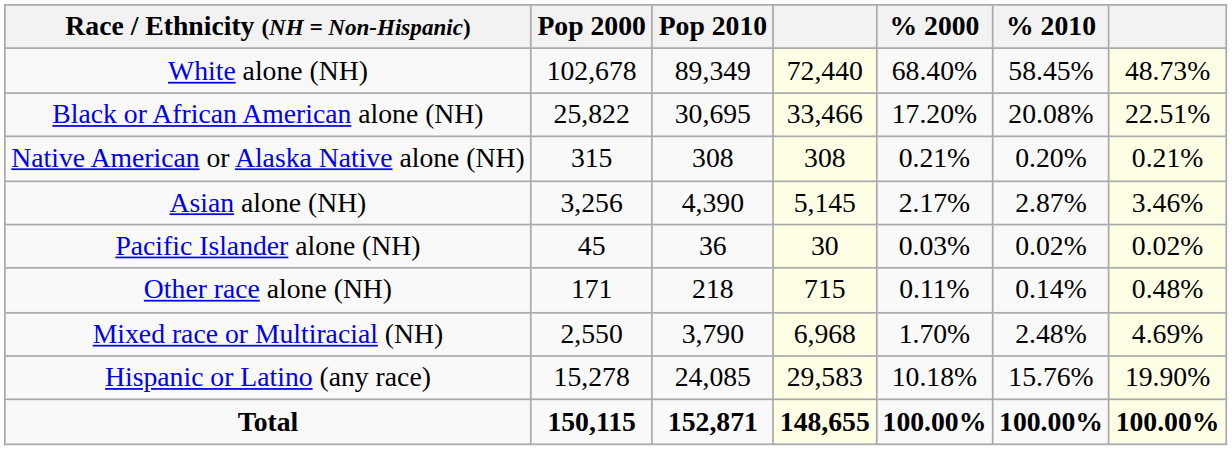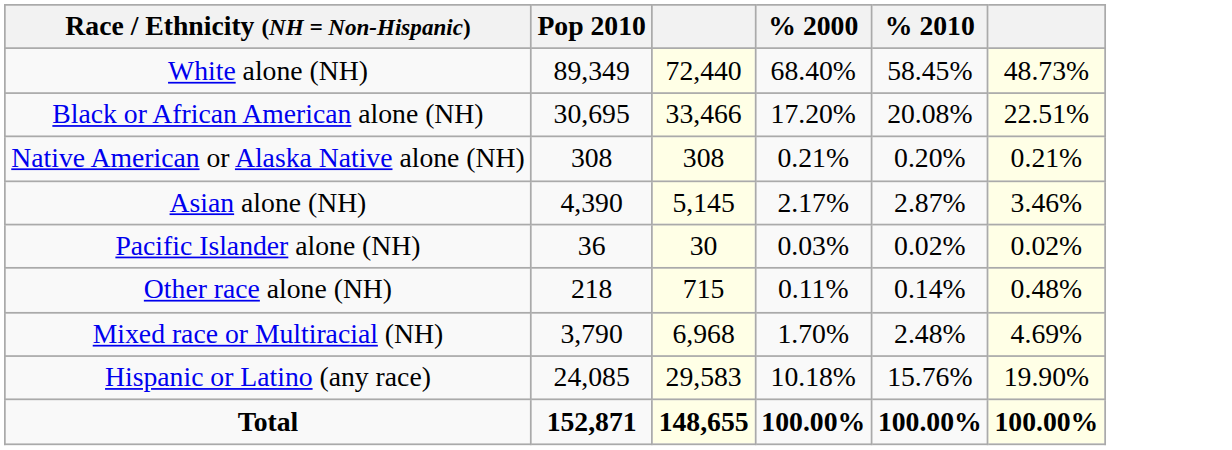 <table class="wikitable" style="text-align:center;">
 <tr>
 <th>Race / Ethnicity <small>(<em>NH = Non-Hispanic</em>)</small></th>
-<th>Pop 2000</th>
 <th>Pop 2010</th>
 <th></th>
 <th>% 2000</th>
 <th>% 2010</th>
 <th></th>
 </tr>
 <tr>
 <td><a href='#'>White</a> alone (NH)</td>
-<td>102,678</td>
 <td>89,349</td>
 <td style='background: #ffffe6;'>72,440</td>
 <td>68.40%</td>
 <td>58.45%</td>
 <td style='background: #ffffe6;'>48.73%</td>
 </tr>
 <tr>
 <td><a href='#'>Black or African American</a> alone (NH)</td>
-<td>25,822</td>
 <td>30,695</td>
 <td style='background: #ffffe6;'>33,466</td>
 <td>17.20%</td>
 <td>20.08%</td>
 <td style='background: #ffffe6;'>22.51%</td>
 </tr>
 <tr>
 <td><a href='#'>Native American</a> or <a href='#'>Alaska Native</a> alone (NH)</td>
-<td>315</td>
 <td>308</td>
 <td style='background: #ffffe6;'>308</td>
 <td>0.21%</td>
 <td>0.20%</td>
 <td style='background: #ffffe6;'>0.21%</td>
 </tr>
 <tr>
 <td><a href='#'>Asian</a> alone (NH)</td>
-<td>3,256</td>
 <td>4,390</td>
 <td style='background: #ffffe6;'>5,145</td>
 <td>2.17%</td>
 <td>2.87%</td>
 <td style='background: #ffffe6;'>3.46%</td>
 </tr>
 <tr>
 <td><a href='#'>Pacific Islander</a> alone (NH)</td>
-<td>45</td>
 <td>36</td>
 <td style='background: #ffffe6;'>30</td>
 <td>0.03%</td>
 <td>0.02%</td>
 <td style='background: #ffffe6;'>0.02%</td>
 </tr>
 <tr>
 <td><a href='#'>Other race</a> alone (NH)</td>
-<td>171</td>
 <td>218</td>
 <td style='background: #ffffe6;'>715</td>
 <td>0.11%</td>
 <td>0.14%</td>
 <td style='background: #ffffe6;'>0.48%</td>
 </tr>
 <tr>
 <td><a href='#'>Mixed race or Multiracial</a> (NH)</td>
-<td>2,550</td>
 <td>3,790</td>
 <td style='background: #ffffe6;'>6,968</td>
 <td>1.70%</td>
 <td>2.48%</td>
 <td style='background: #ffffe6;'>4.69%</td>
 </tr>
 <tr>
 <td><a href='#'>Hispanic or Latino</a> (any race)</td>
-<td>15,278</td>
 <td>24,085</td>
 <td style='background: #ffffe6;'>29,583</td>
 <td>10.18%</td>
 <td>15.76%</td>
 <td style='background: #ffffe6;'>19.90%</td>
 </tr>
 <tr>
 <td><strong>Total</strong></td>
-<td><strong>150,115</strong></td>
 <td><strong>152,871</strong></td>
 <td style='background: #ffffe6;'><strong>148,655</strong></td>
 <td><strong>100.00%</strong></td>
 <td><strong>100.00%</strong></td>
 <td style='background: #ffffe6;'><strong>100.00%</strong></td>
 </tr>
 </table>
